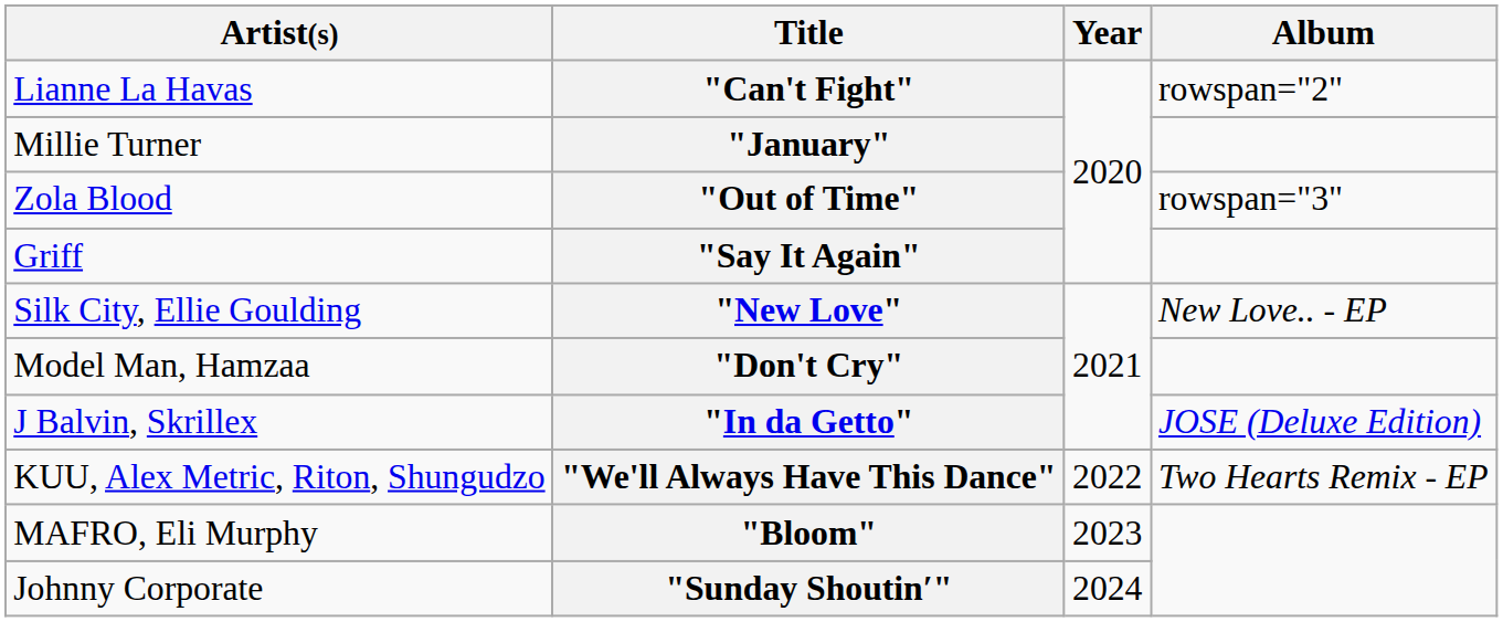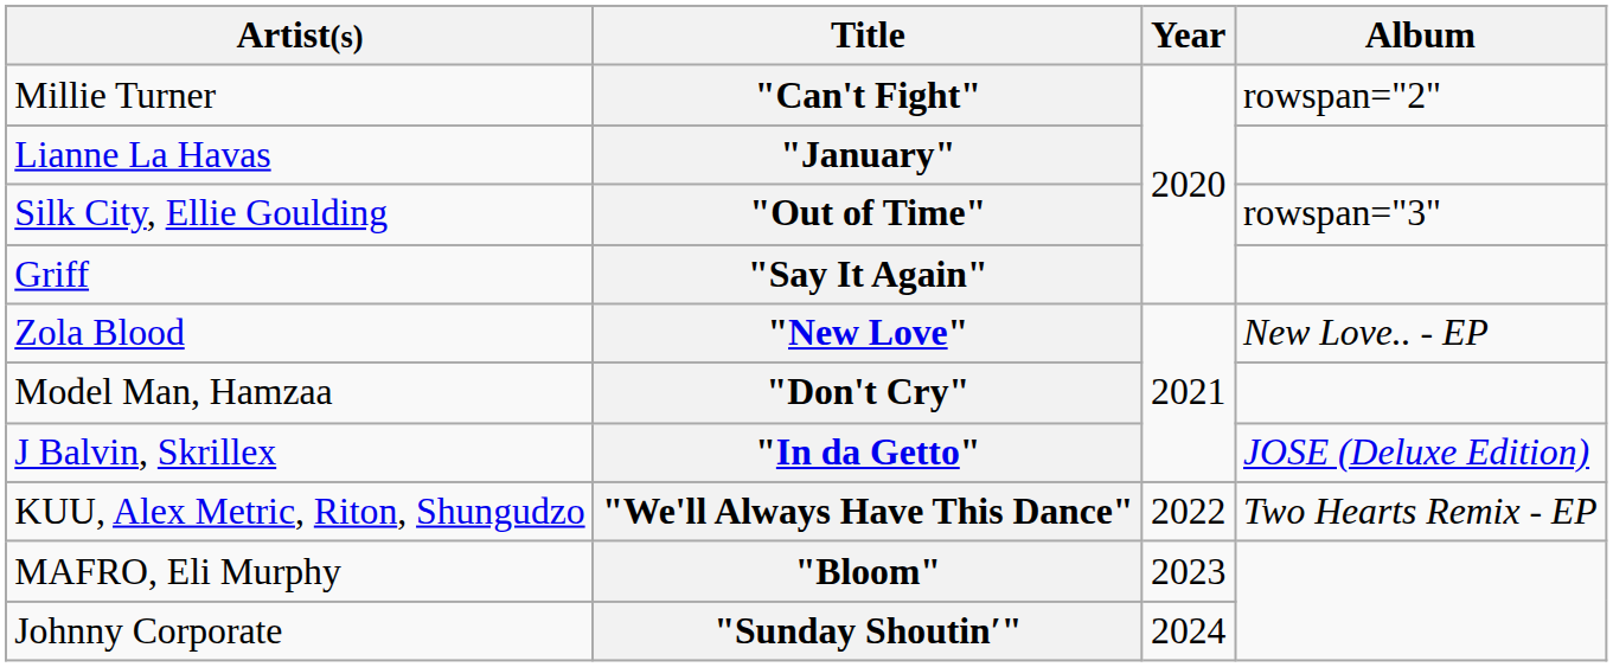 <table class="wikitable plainrowheaders">
 <tr>
 <th>Artist<small>(s)</small></th>
 <th scope="col">Title</th>
 <th>Year</th>
 <th>Album</th>
 </tr>
 <tr>
-<td><a href='#'>Lianne La Havas</a></td>
+<td>Millie Turner</td>
 <th scope="row">"Can't Fight"</th>
 <td rowspan="4">2020</td>
 <td>rowspan="2" </td>
 </tr>
 <tr>
-<td>Millie Turner</td>
+<td><a href='#'>Lianne La Havas</a></td>
 <th scope="row">"January"</th>
 </tr>
 <tr>
-<td><a href='#'>Zola Blood</a></td>
+<td><a href='#'>Silk City</a>, <a href='#'>Ellie Goulding</a></td>
 <th scope="row">"Out of Time"</th>
 <td>rowspan="3" </td>
 </tr>
 <tr>
 <td><a href='#'>Griff</a></td>
 <th scope="row">"Say It Again"</th>
 <td></td>
 </tr>
 <tr>
-<td><a href='#'>Silk City</a>, <a href='#'>Ellie Goulding</a></td>
+<td><a href='#'>Zola Blood</a></td>
 <th scope="row">"<a href='#'>New Love</a>"</th>
 <td rowspan="3">2021</td>
 <td><em>New Love.. - EP</em></td>
 </tr>
 <tr>
 <td>Model Man, Hamzaa</td>
 <th scope="row">"Don't Cry"</th>
 <td></td>
 </tr>
 <tr>
 <td><a href='#'>J Balvin</a>, <a href='#'>Skrillex</a></td>
 <th scope="row">"<a href='#'>In da Getto</a>"</th>
 <td><em><a href='#'>JOSE (Deluxe Edition)</a></em></td>
 </tr>
 <tr>
 <td>KUU, <a href='#'>Alex Metric</a>, <a href='#'>Riton</a>, <a href='#'>Shungudzo</a></td>
 <th scope="row">"We'll Always Have This Dance"</th>
 <td>2022</td>
 <td><em>Two Hearts Remix - EP</em></td>
 </tr>
 <tr>
 <td>MAFRO, Eli Murphy</td>
 <th scope="row">"Bloom"</th>
 <td>2023</td>
 </tr>
 <tr>
 <td>Johnny Corporate</td>
 <th scope="row">"Sunday Shoutin′"</th>
 <td>2024</td>
 </tr>
 </table>
